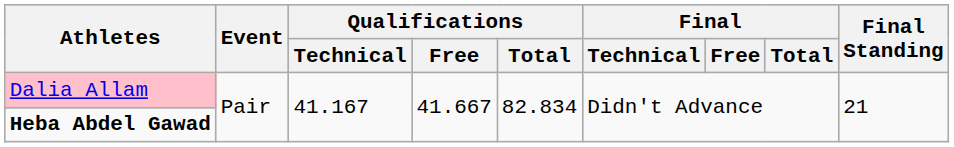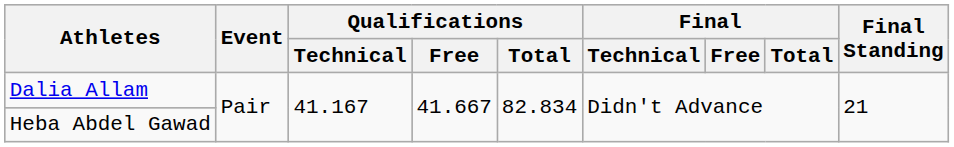 <table class="wikitable">
 <tr>
 <th rowspan="2">Athletes</th>
 <th rowspan="2">Event</th>
 <th colspan="3">Qualifications</th>
 <th colspan="3">Final</th>
 <th rowspan="2">Final<br>Standing</th>
 </tr>
 <tr>
 <th>Technical</th>
 <th>Free</th>
 <th>Total</th>
 <th>Technical</th>
 <th>Free</th>
 <th>Total</th>
 </tr>
 <tr>
-<td style="background: pink;"><a href='#'>Dalia Allam</a></td>
+<td><a href='#'>Dalia Allam</a></td>
 <td rowspan="2">Pair</td>
 <td rowspan="2">41.167</td>
 <td rowspan="2">41.667</td>
 <td rowspan="2">82.834</td>
 <td colspan="3" rowspan="2">Didn't Advance</td>
 <td rowspan="2">21</td>
 </tr>
 <tr>
-<td><strong>Heba Abdel Gawad</strong></td>
+<td>Heba Abdel Gawad</td>
 </tr>
 </table>
